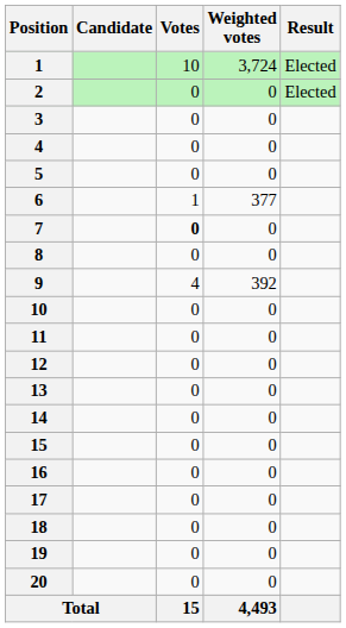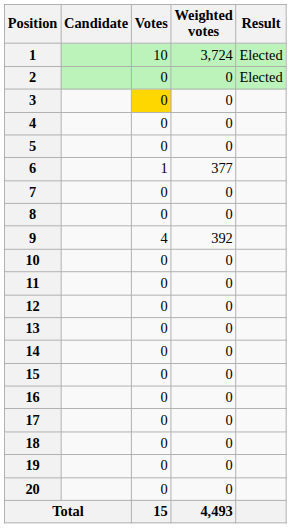 <table class="wikitable sortable">
 <tr>
 <th scope="col">Position</th>
 <th scope="col">Candidate</th>
 <th scope="col">Votes</th>
 <th scope="col">Weighted<br>votes</th>
 <th scope="col">Result</th>
 </tr>
 <tr bgcolor=bbf3bb>
 <th scope="row">1</th>
 <td></td>
 <td style="text-align:right">10</td>
 <td style="text-align:right">3,724</td>
 <td>Elected</td>
 </tr>
 <tr bgcolor=bbf3bb>
 <th scope="row">2</th>
 <td></td>
 <td style="text-align:right">0</td>
 <td style="text-align:right">0</td>
 <td>Elected</td>
 </tr>
 <tr>
 <th scope="row">3</th>
 <td></td>
-<td style="text-align:right">0</td>
+<td style="background: gold; text-align:right">0</td>
 <td style="text-align:right">0</td>
 <td></td>
 </tr>
 <tr>
 <th scope="row">4</th>
 <td></td>
 <td style="text-align:right">0</td>
 <td style="text-align:right">0</td>
 <td></td>
 </tr>
 <tr>
 <th scope="row">5</th>
 <td></td>
 <td style="text-align:right">0</td>
 <td style="text-align:right">0</td>
 <td></td>
 </tr>
 <tr>
 <th scope="row">6</th>
 <td></td>
 <td style="text-align:right">1</td>
 <td style="text-align:right">377</td>
 <td></td>
 </tr>
 <tr>
 <th scope="row">7</th>
 <td></td>
-<td style="text-align:right"><strong>0</strong></td>
+<td style="text-align:right">0</td>
 <td style="text-align:right">0</td>
 <td></td>
 </tr>
 <tr>
 <th scope="row">8</th>
 <td></td>
 <td style="text-align:right">0</td>
 <td style="text-align:right">0</td>
 <td></td>
 </tr>
 <tr>
 <th scope="row">9</th>
 <td></td>
 <td style="text-align:right">4</td>
 <td style="text-align:right">392</td>
 <td></td>
 </tr>
 <tr>
 <th scope="row">10</th>
 <td></td>
 <td style="text-align:right">0</td>
 <td style="text-align:right">0</td>
 <td></td>
 </tr>
 <tr>
 <th scope="row">11</th>
 <td></td>
 <td style="text-align:right">0</td>
 <td style="text-align:right">0</td>
 <td></td>
 </tr>
 <tr>
 <th scope="row">12</th>
 <td></td>
 <td style="text-align:right">0</td>
 <td style="text-align:right">0</td>
 <td></td>
 </tr>
 <tr>
 <th scope="row">13</th>
 <td></td>
 <td style="text-align:right">0</td>
 <td style="text-align:right">0</td>
 <td></td>
 </tr>
 <tr>
 <th scope="row">14</th>
 <td></td>
 <td style="text-align:right">0</td>
 <td style="text-align:right">0</td>
 <td></td>
 </tr>
 <tr>
 <th scope="row">15</th>
 <td></td>
 <td style="text-align:right">0</td>
 <td style="text-align:right">0</td>
 <td></td>
 </tr>
 <tr>
 <th scope="row">16</th>
 <td></td>
 <td style="text-align:right">0</td>
 <td style="text-align:right">0</td>
 <td></td>
 </tr>
 <tr>
 <th scope="row">17</th>
 <td></td>
 <td style="text-align:right">0</td>
 <td style="text-align:right">0</td>
 <td></td>
 </tr>
 <tr>
 <th scope="row">18</th>
 <td></td>
 <td style="text-align:right">0</td>
 <td style="text-align:right">0</td>
 <td></td>
 </tr>
 <tr>
 <th scope="row">19</th>
 <td></td>
 <td style="text-align:right">0</td>
 <td style="text-align:right">0</td>
 <td></td>
 </tr>
 <tr>
 <th scope="row">20</th>
 <td></td>
 <td style="text-align:right">0</td>
 <td style="text-align:right">0</td>
 <td></td>
 </tr>
 <tr class="sortbottom">
 <th scope="row" colspan="2">Total</th>
 <th style="text-align:right">15</th>
 <th style="text-align:right">4,493</th>
 <th></th>
 </tr>
 </table>
